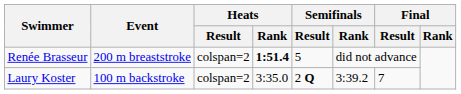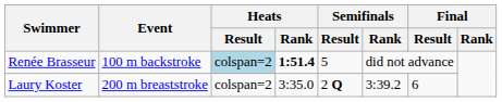 <table class=wikitable style="font-size:90%" style="text-align:center">
 <tr>
 <th rowspan=2>Swimmer</th>
 <th rowspan=2>Event</th>
 <th colspan=2>Heats</th>
 <th colspan=2>Semifinals</th>
 <th colspan=2>Final</th>
 </tr>
 <tr>
 <th>Result</th>
 <th>Rank</th>
 <th>Result</th>
 <th>Rank</th>
 <th>Result</th>
 <th>Rank</th>
 </tr>
 <tr>
 <td align=left><a href='#'>Renée Brasseur</a></td>
-<td align=left><a href='#'>200 m breaststroke</a></td>
-<td>colspan=2 </td>
+<td align=left><a href='#'>100 m backstroke</a></td>
+<td style="background: lightblue;">colspan=2 </td>
 <td><strong>1:51.4</strong></td>
 <td>5</td>
 <td colspan=2>did not advance</td>
 </tr>
 <tr>
 <td align=left><a href='#'>Laury Koster</a></td>
-<td align=left><a href='#'>100 m backstroke</a></td>
+<td align=left><a href='#'>200 m breaststroke</a></td>
 <td>colspan=2 </td>
 <td>3:35.0</td>
 <td>2 <strong>Q</strong></td>
 <td>3:39.2</td>
-<td>7</td>
+<td>6</td>
 </tr>
 </table>
